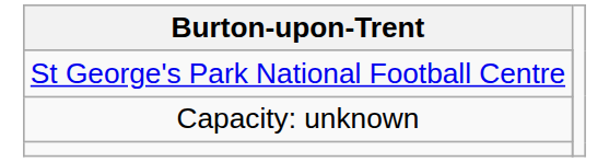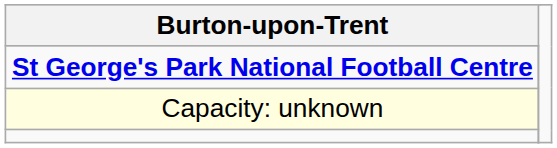 <table class="wikitable" style="text-align:center; margin:1em auto">
 <tr>
 <th colspan="2">Burton-upon-Trent</th>
 <td rowspan=4></td>
 </tr>
 <tr>
-<td><a href='#'>St George's Park National Football Centre</a></td>
+<td><strong><a href='#'>St George's Park National Football Centre</a></strong></td>
 </tr>
 <tr>
-<td>Capacity: unknown</td>
+<td style="background: lightyellow;">Capacity: unknown</td>
 </tr>
 <tr>
 <td></td>
 </tr>
 </table>
